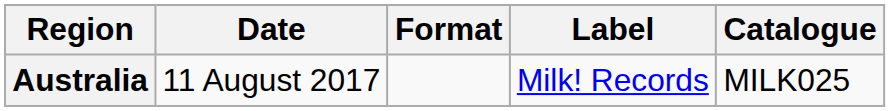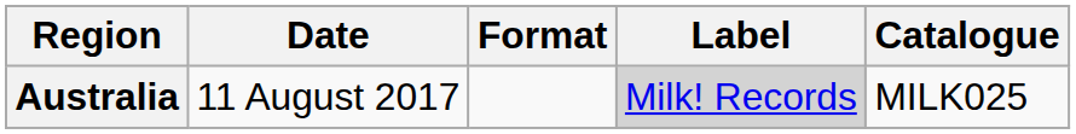 <table class="wikitable plainrowheaders">
 <tr>
 <th scope="col">Region</th>
 <th scope="col">Date</th>
 <th scope="col">Format</th>
 <th scope="col">Label</th>
 <th scope="col">Catalogue</th>
 </tr>
 <tr>
 <th>Australia</th>
 <td>11 August 2017</td>
 <td rowspan="2"></td>
-<td><a href='#'>Milk! Records</a></td>
+<td style="background: lightgrey;"><a href='#'>Milk! Records</a></td>
 <td>MILK025</td>
 </tr>
 </table>
